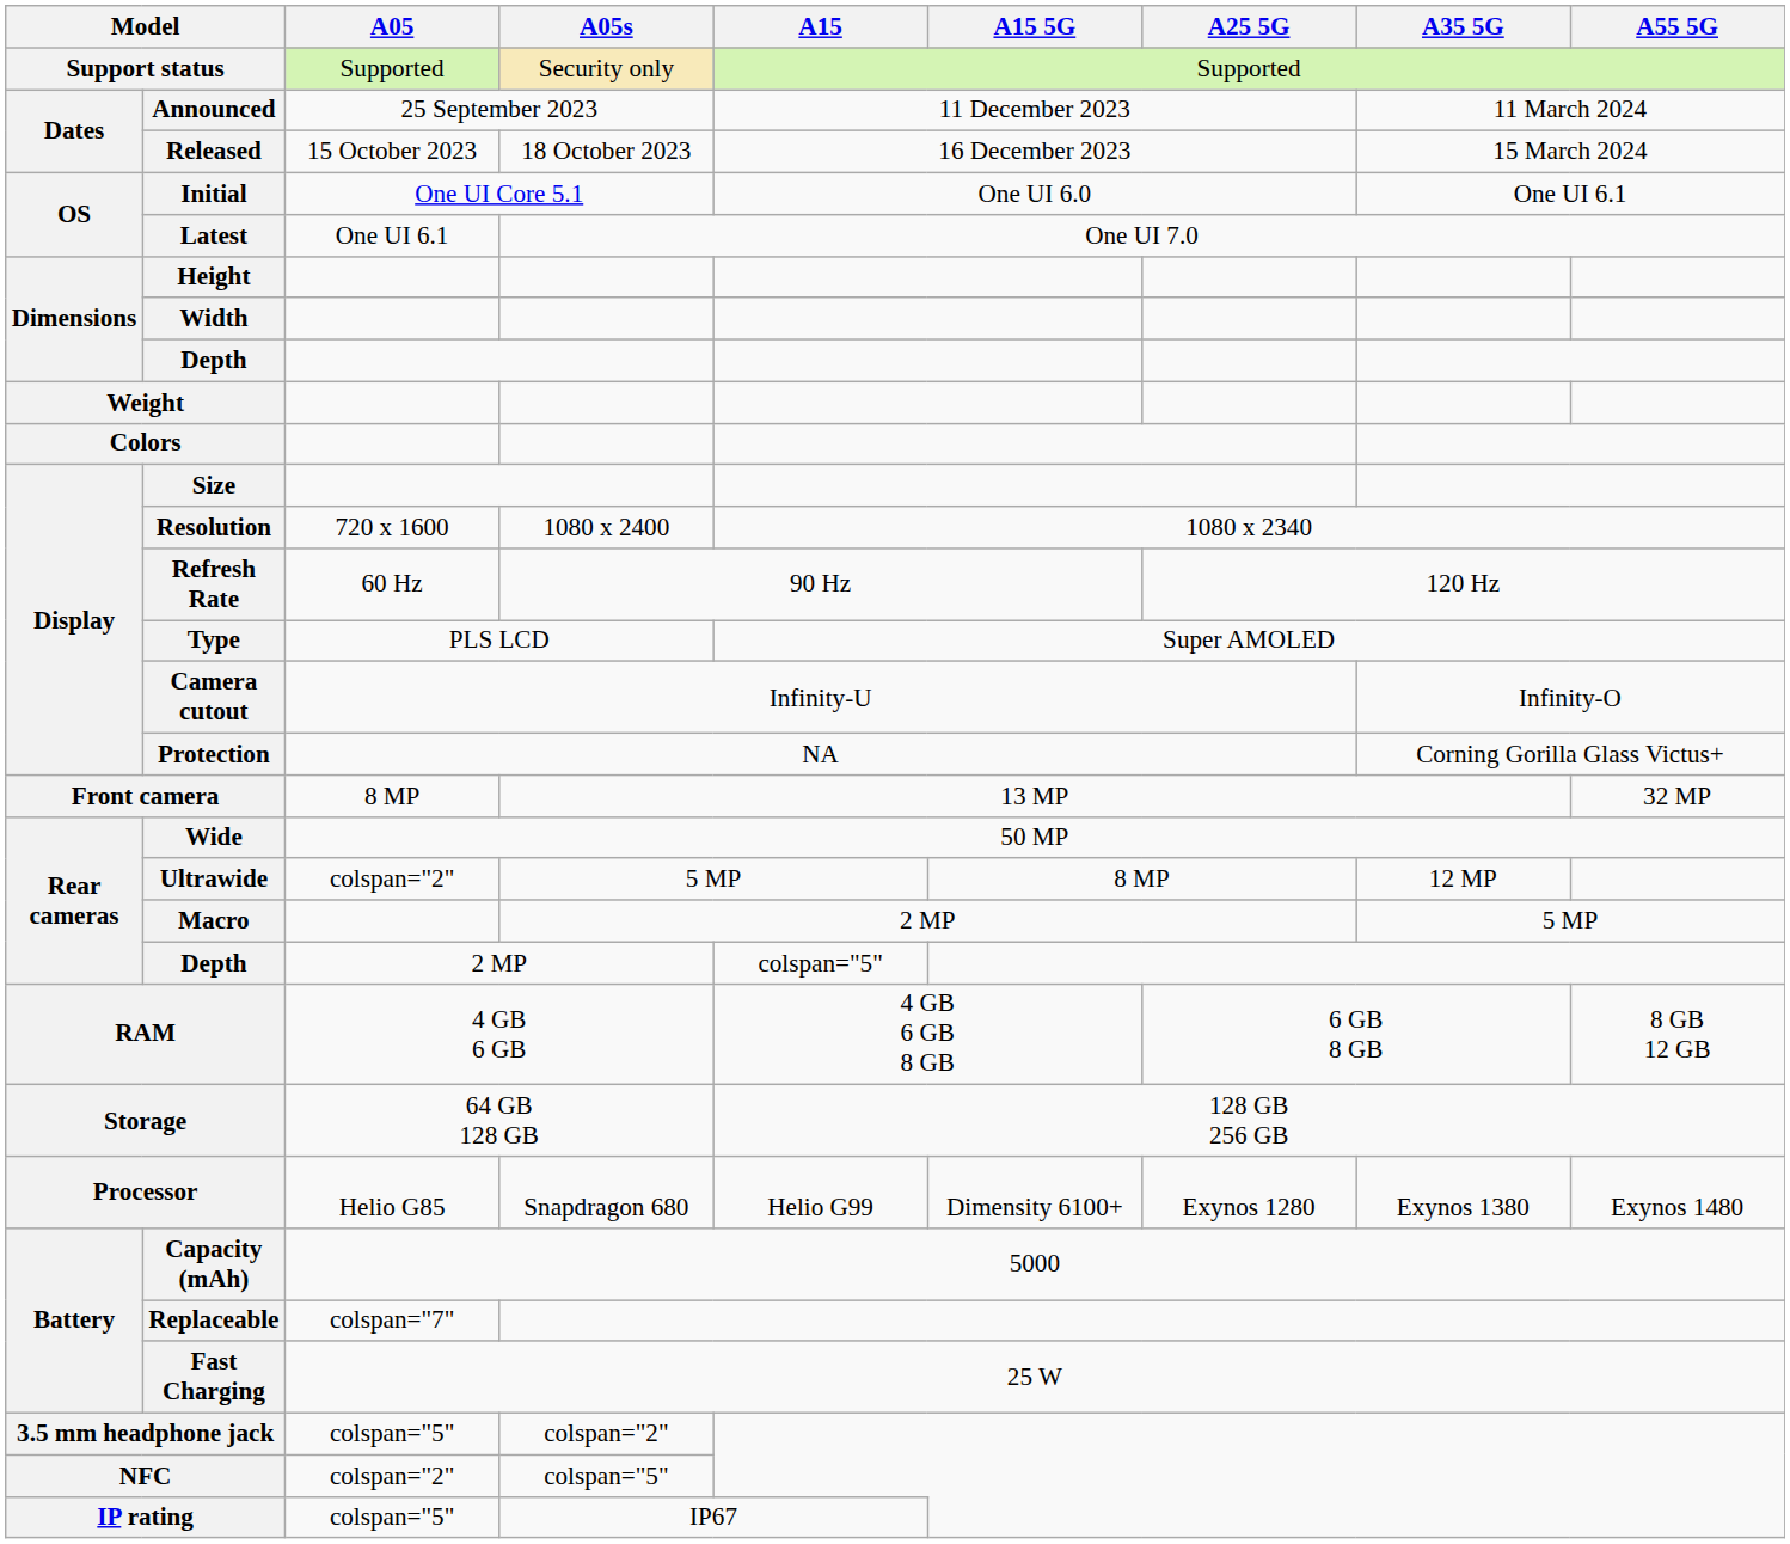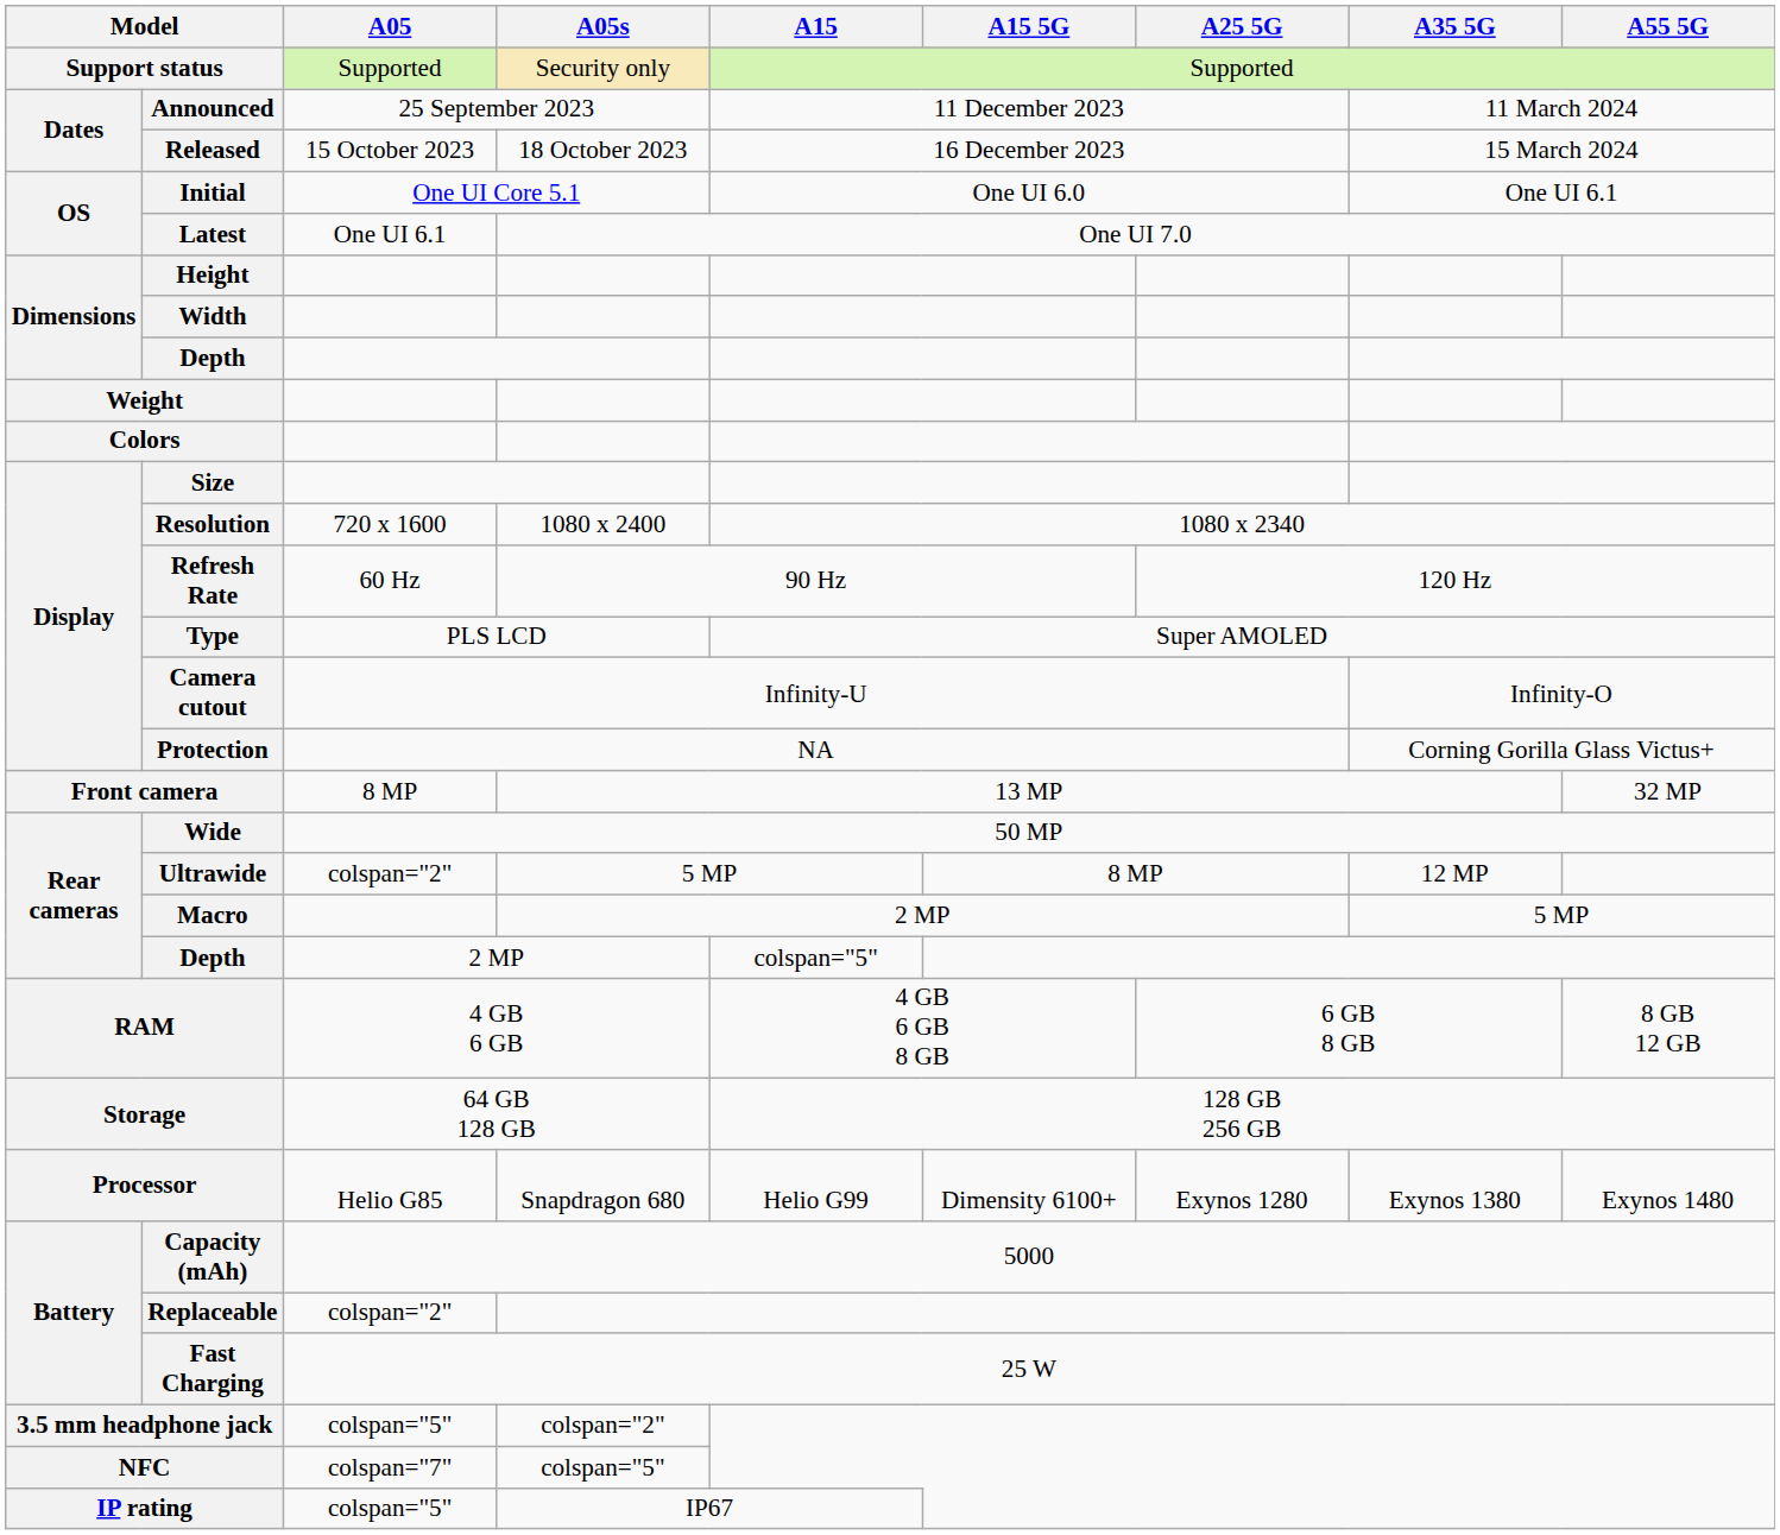 <table class="wikitable" style="text-align:center; font-size:90%;">
 <tr>
 <th colspan="2">Model</th>
 <th style="min-width: 8em"><a href='#'>A05</a></th>
 <th style="min-width: 8em"><a href='#'>A05s</a></th>
 <th style="min-width: 8em"><a href='#'>A15</a></th>
 <th style="min-width: 8em"><a href='#'>A15 5G</a></th>
 <th style="min-width: 8em"><a href='#'>A25 5G</a></th>
 <th style="min-width: 8em"><a href='#'>A35 5G</a></th>
 <th style="min-width: 8em"><a href='#'>A55 5G</a></th>
 </tr>
 <tr>
 <th colspan="2">Support status</th>
 <td style="background:#d4f4b4" colspan="1">Supported</td>
 <td style="background:#f8eaba" colspan="1">Security only</td>
 <td style="background:#d4f4b4" colspan="5">Supported</td>
 </tr>
 <tr>
 <th rowspan="2">Dates</th>
 <th>Announced</th>
 <td colspan="2">25 September 2023</td>
 <td colspan="3">11 December 2023</td>
 <td colspan="2">11 March 2024</td>
 </tr>
 <tr>
 <th>Released</th>
 <td>15 October 2023</td>
 <td>18 October 2023</td>
 <td colspan="3">16 December 2023</td>
 <td colspan="2">15 March 2024</td>
 </tr>
 <tr>
 <th rowspan="2">OS</th>
 <th>Initial</th>
 <td colspan="2"><a href='#'>One UI Core 5.1</a><br></td>
 <td colspan="3">One UI 6.0<br></td>
 <td colspan="2">One UI 6.1<br></td>
 </tr>
 <tr>
 <th>Latest</th>
 <td colspan="1">One UI 6.1<br></td>
 <td colspan="6">One UI 7.0<br></td>
 </tr>
 <tr>
 <th rowspan="3">Dimensions<br></th>
 <th>Height</th>
 <td></td>
 <td></td>
 <td colspan="2"></td>
 <td></td>
 <td></td>
 <td></td>
 </tr>
 <tr>
 <th>Width</th>
 <td></td>
 <td></td>
 <td colspan="2"></td>
 <td></td>
 <td></td>
 <td></td>
 </tr>
 <tr>
 <th>Depth</th>
 <td colspan="2"></td>
 <td colspan="2"></td>
 <td></td>
 <td colspan="2"></td>
 </tr>
 <tr>
 <th colspan="2">Weight<br></th>
 <td></td>
 <td></td>
 <td colspan="2"></td>
 <td></td>
 <td></td>
 <td></td>
 </tr>
 <tr>
 <th colspan="2">Colors</th>
 <td>  </td>
 <td>   </td>
 <td colspan="3">   </td>
 <td colspan="2">   </td>
 </tr>
 <tr>
 <th rowspan="6">Display</th>
 <th>Size</th>
 <td colspan="2"></td>
 <td colspan="3"></td>
 <td colspan="2"></td>
 </tr>
 <tr>
 <th>Resolution</th>
 <td>720 x 1600</td>
 <td>1080 x 2400</td>
 <td colspan="5">1080 x 2340</td>
 </tr>
 <tr>
 <th>Refresh Rate</th>
 <td>60 Hz</td>
 <td colspan="3">90 Hz</td>
 <td colspan="3">120 Hz</td>
 </tr>
 <tr>
 <th>Type</th>
 <td colspan="2">PLS LCD</td>
 <td colspan="5">Super AMOLED</td>
 </tr>
 <tr>
 <th>Camera cutout</th>
 <td colspan="5">Infinity-U</td>
 <td colspan="2">Infinity-O</td>
 </tr>
 <tr>
 <th>Protection</th>
 <td colspan="5">NA</td>
 <td colspan="2">Corning Gorilla Glass Victus+</td>
 </tr>
 <tr>
 <th colspan="2">Front camera</th>
 <td>8 MP</td>
 <td colspan="5">13 MP</td>
 <td>32 MP</td>
 </tr>
 <tr>
 <th rowspan="4">Rear cameras</th>
 <th>Wide</th>
 <td colspan="7">50 MP</td>
 </tr>
 <tr>
 <th>Ultrawide</th>
 <td>colspan="2" </td>
 <td colspan="2">5 MP</td>
 <td colspan="2">8 MP</td>
 <td>12 MP</td>
 </tr>
 <tr>
 <th>Macro</th>
 <td></td>
 <td colspan="4">2 MP</td>
 <td colspan="2">5 MP</td>
 </tr>
 <tr>
 <th>Depth</th>
 <td colspan="2">2 MP</td>
 <td>colspan="5" </td>
 </tr>
 <tr>
 <th colspan="2">RAM</th>
 <td colspan="2">4 GB<br>6 GB</td>
 <td colspan="2">4 GB<br>6 GB<br>8 GB</td>
 <td colspan="2">6 GB<br>8 GB</td>
 <td>8 GB<br>12 GB</td>
 </tr>
 <tr>
 <th colspan="2">Storage</th>
 <td colspan="2">64 GB<br>128 GB</td>
 <td colspan="5">128 GB<br>256 GB</td>
 </tr>
 <tr>
 <th colspan="2">Processor</th>
 <td><br>Helio G85</td>
 <td><br>Snapdragon 680</td>
 <td><br>Helio G99</td>
 <td><br>Dimensity 6100+</td>
 <td><br>Exynos 1280</td>
 <td><br>Exynos 1380</td>
 <td><br>Exynos 1480</td>
 </tr>
 <tr>
 <th rowspan="3">Battery</th>
 <th>Capacity (mAh)</th>
 <td colspan="7">5000</td>
 </tr>
 <tr>
 <th>Replaceable</th>
-<td>colspan="7" </td>
+<td>colspan="2" </td>
 </tr>
 <tr>
 <th>Fast Charging</th>
 <td colspan="7">25 W</td>
 </tr>
 <tr>
 <th colspan="2">3.5 mm headphone jack</th>
 <td>colspan="5" </td>
 <td>colspan="2" </td>
 </tr>
 <tr>
 <th colspan="2">NFC</th>
-<td>colspan="2" </td>
+<td>colspan="7" </td>
 <td>colspan="5" </td>
 </tr>
 <tr>
 <th colspan="2"><a href='#'>IP</a> rating</th>
 <td>colspan="5" </td>
 <td colspan="2">IP67</td>
 </tr>
 </table>
